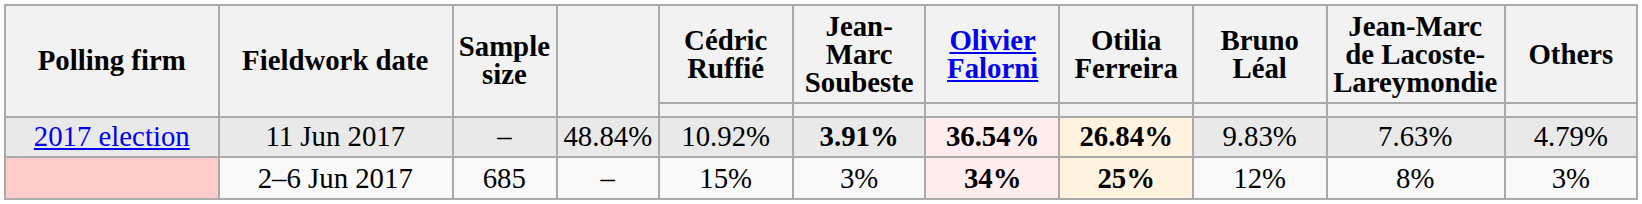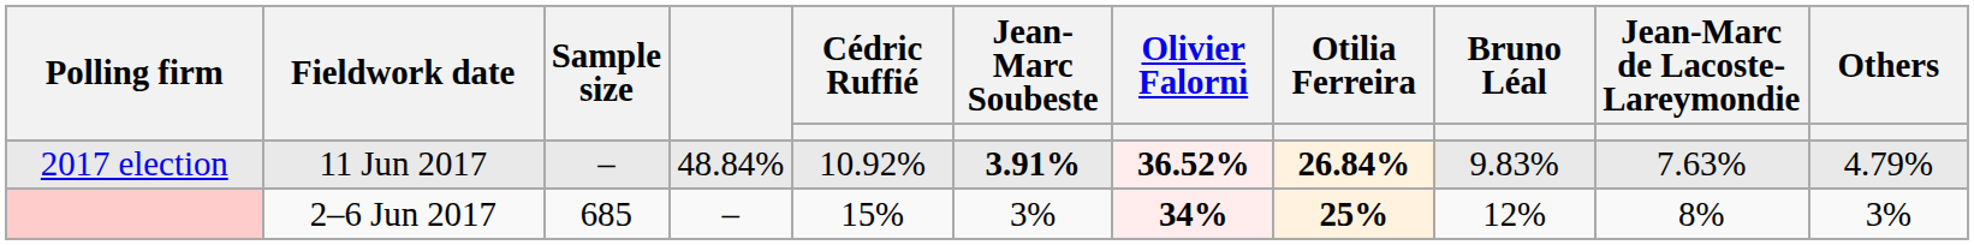 <table class="wikitable sortable" style="text-align:center;font-size:90%;line-height:14px;">
 <tr style="height:40px;">
 <th style="width:100px;" rowspan="2">Polling firm</th>
 <th style="width:110px;" rowspan="2">Fieldwork date</th>
 <th style="width:35px;" rowspan="2">Sample<br>size</th>
 <th style="width:30px;" rowspan="2"></th>
 <th class="unsortable" style="width:60px;">Cédric Ruffié<br></th>
 <th class="unsortable" style="width:60px;">Jean-Marc Soubeste<br></th>
 <th class="unsortable" style="width:60px;"><a href='#'>Olivier Falorni</a><br></th>
 <th class="unsortable" style="width:60px;">Otilia Ferreira<br></th>
 <th class="unsortable" style="width:60px;">Bruno Léal<br></th>
 <th class="unsortable" style="width:60px;">Jean-Marc de Lacoste-Lareymondie<br></th>
 <th class="unsortable" style="width:60px;">Others</th>
 </tr>
 <tr>
 <th style="background:"></th>
 <th style="background:"></th>
 <th style="background:"></th>
 <th style="background:"></th>
 <th style="background:"></th>
 <th style="background:"></th>
 <th style="background:"></th>
 </tr>
 <tr style="background:#E9E9E9;">
 <td><a href='#'>2017 election</a></td>
 <td data-sort-value="2017-06-11">11 Jun 2017</td>
 <td>–</td>
 <td>48.84%</td>
 <td>10.92%</td>
 <td><strong>3.91%</strong></td>
-<td style="background:#FFEDED;"><strong>36.54%</strong></td>
+<td style="background:#FFEDED;"><strong>36.52%</strong></td>
 <td style="background:#FFF2DE;"><strong>26.84%</strong></td>
 <td>9.83%</td>
 <td>7.63%</td>
 <td>4.79%</td>
 </tr>
 <tr>
 <td style="background:#FFCCCC;"></td>
 <td data-sort-value="2017-06-06">2–6 Jun 2017</td>
 <td>685</td>
 <td>–</td>
 <td>15%</td>
 <td>3%</td>
 <td style="background:#FFEDED;"><strong>34%</strong></td>
 <td style="background:#FFF2DE;"><strong>25%</strong></td>
 <td>12%</td>
 <td>8%</td>
 <td>3%</td>
 </tr>
 </table>
